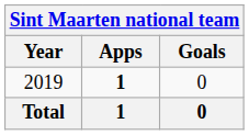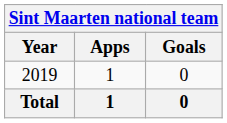 <table class="wikitable" style="text-align:center">
 <tr>
 <th colspan=3><a href='#'>Sint Maarten national team</a></th>
 </tr>
 <tr>
 <th>Year</th>
 <th>Apps</th>
 <th>Goals</th>
 </tr>
 <tr>
 <td>2019</td>
-<td><strong>1</strong></td>
+<td>1</td>
 <td>0</td>
 </tr>
 <tr>
 <th>Total</th>
 <th>1</th>
 <th>0</th>
 </tr>
 </table>
